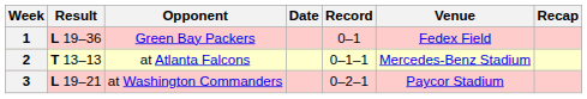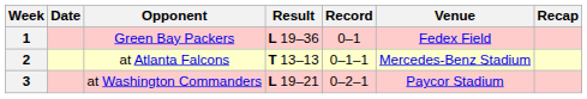 <table class="wikitable" style="text-align:center">
 <tr>
 <th>Week</th>
+<th>Date</th>
+<th>Opponent</th>
 <th>Result</th>
-<th>Opponent</th>
-<th>Date</th>
 <th>Record</th>
 <th>Venue</th>
 <th>Recap</th>
 </tr>
 <tr style="background:#fcc">
 <th>1</th>
+<td></td>
+<td><a href='#'>Green Bay Packers</a></td>
 <td><strong>L</strong> 19–36</td>
-<td><a href='#'>Green Bay Packers</a></td>
-<td></td>
 <td>0–1</td>
 <td><a href='#'>Fedex Field</a></td>
 <td></td>
 </tr>
 <tr style="background:#ffc">
 <th>2</th>
+<td></td>
+<td>at <a href='#'>Atlanta Falcons</a></td>
 <td><strong>T</strong> 13–13</td>
-<td>at <a href='#'>Atlanta Falcons</a></td>
-<td></td>
 <td>0–1–1</td>
 <td><a href='#'>Mercedes-Benz Stadium</a></td>
 <td></td>
 </tr>
 <tr style="background:#fcc">
 <th>3</th>
+<td></td>
+<td>at <a href='#'>Washington Commanders</a></td>
 <td><strong>L</strong> 19–21</td>
-<td>at <a href='#'>Washington Commanders</a></td>
-<td></td>
 <td>0–2–1</td>
 <td><a href='#'>Paycor Stadium</a></td>
 <td></td>
 </tr>
 </table>
